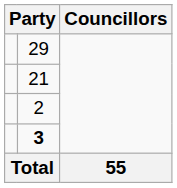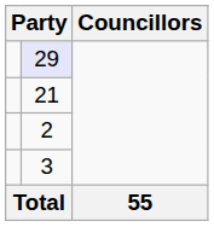 <table class="wikitable">
 <tr>
 <th colspan=2>Party</th>
 <th>Councillors</th>
 </tr>
 <tr>
 <td></td>
-<td align=center>29</td>
+<td align=center style="background: lavender;">29</td>
 </tr>
 <tr>
 <td></td>
 <td align=center>21</td>
 </tr>
 <tr>
 <td></td>
 <td align=center>2</td>
 </tr>
 <tr>
 <td></td>
-<td align=center><strong>3</strong></td>
+<td align=center>3</td>
 </tr>
 <tr>
 <th colspan=2>Total</th>
 <th align=center>55</th>
 </tr>
 </table>
